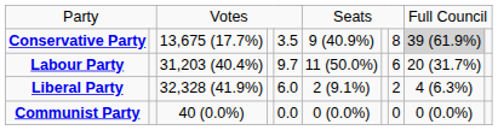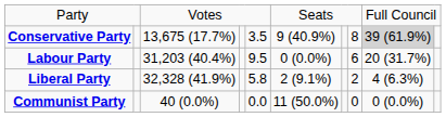 <table class=wikitable style="text-align:center;">
 <tr>
 <td colspan=2>Party</td>
 <td colspan=3>Votes</td>
 <td colspan=3>Seats</td>
 <td colspan=3>Full Council</td>
 </tr>
 <tr>
 <td><strong><a href='#'>Conservative Party</a></strong></td>
 <td style="background:"></td>
 <td>13,675 (17.7%)</td>
 <td></td>
 <td> 3.5</td>
 <td>9 (40.9%)</td>
 <td></td>
 <td> 8</td>
 <td style="background: lightgrey;">39 (61.9%)</td>
 <td></td>
 </tr>
 <tr>
 <td><strong><a href='#'>Labour Party</a></strong></td>
 <td style="background:"></td>
 <td>31,203 (40.4%)</td>
 <td></td>
-<td> 9.7</td>
-<td>11 (50.0%)</td>
+<td> 9.5</td>
+<td>0  (0.0%)</td>
 <td></td>
 <td> 6</td>
 <td>20 (31.7%)</td>
 <td></td>
 </tr>
 <tr>
 <td><strong><a href='#'>Liberal Party</a></strong></td>
 <td style="background:"></td>
 <td>32,328 (41.9%)</td>
 <td></td>
-<td> 6.0</td>
+<td> 5.8</td>
 <td>2 (9.1%)</td>
 <td></td>
 <td> 2</td>
 <td>4 (6.3%)</td>
 <td></td>
 </tr>
 <tr>
 <td><strong><a href='#'>Communist Party</a></strong></td>
 <td style="background:"></td>
 <td>40 (0.0%)</td>
 <td></td>
 <td> 0.0</td>
-<td>0  (0.0%)</td>
+<td>11 (50.0%)</td>
 <td></td>
 <td> 0</td>
 <td>0 (0.0%)</td>
 <td></td>
 </tr>
 </table>
